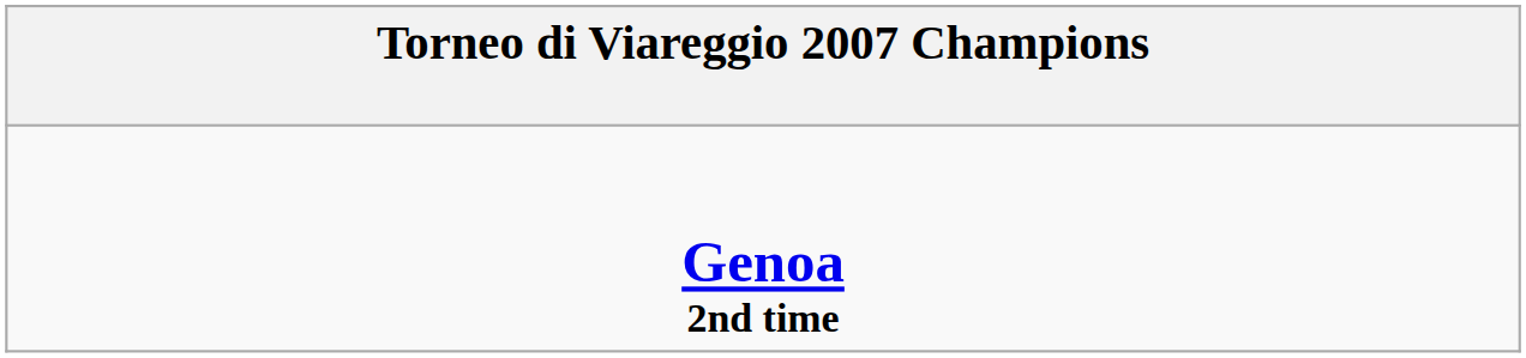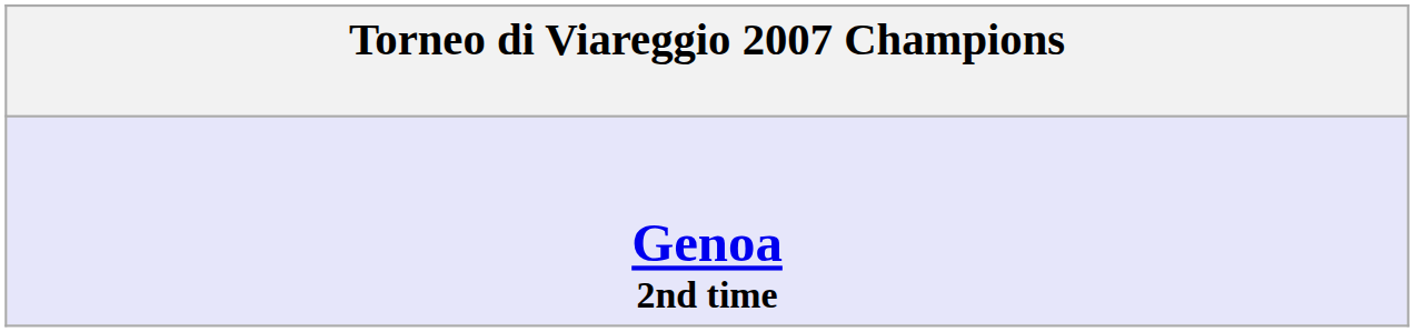 <table class="wikitable" style="margin: 0 auto; width: 30%;">
 <tr>
 <th><big>Torneo di Viareggio 2007 Champions</big><br><br></th>
 </tr>
 <tr>
-<td align=center><br><br><big><big><strong><a href='#'>Genoa</a></strong><br></big></big><strong>2nd time</strong></td>
+<td align=center style="background: lavender;"><br><br><big><big><strong><a href='#'>Genoa</a></strong><br></big></big><strong>2nd time</strong></td>
 </tr>
 </table>
